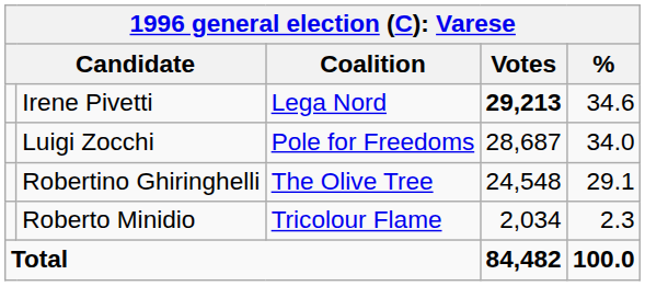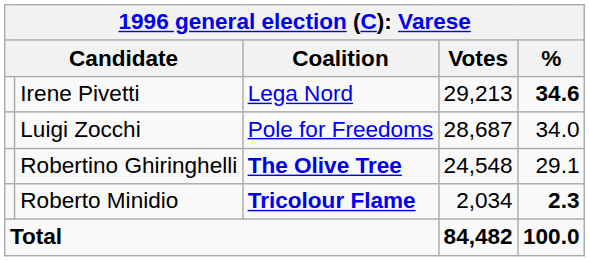 <table class=wikitable style=text-align:right>
 <tr>
 <th colspan=5><a href='#'>1996 general election</a> (<a href='#'>C</a>): <a href='#'>Varese</a></th>
 </tr>
 <tr>
 <th colspan=2>Candidate</th>
 <th>Coalition</th>
 <th>Votes</th>
 <th>%</th>
 </tr>
 <tr>
 <td></td>
 <td align=left>Irene Pivetti</td>
 <td align=left><a href='#'>Lega Nord</a></td>
-<td><strong>29,213</strong></td>
-<td>34.6</td>
+<td>29,213</td>
+<td><strong>34.6</strong></td>
 </tr>
 <tr>
 <td></td>
 <td align=left>Luigi Zocchi</td>
 <td align=left><a href='#'>Pole for Freedoms</a></td>
 <td>28,687</td>
 <td>34.0</td>
 </tr>
 <tr>
 <td></td>
 <td align=left>Robertino Ghiringhelli</td>
-<td align=left><a href='#'>The Olive Tree</a></td>
+<td align=left><strong><a href='#'>The Olive Tree</a></strong></td>
 <td>24,548</td>
 <td>29.1</td>
 </tr>
 <tr>
 <td></td>
 <td align=left>Roberto Minidio</td>
-<td align=left><a href='#'>Tricolour Flame</a></td>
+<td align=left><strong><a href='#'>Tricolour Flame</a></strong></td>
 <td>2,034</td>
-<td>2.3</td>
+<td><strong>2.3</strong></td>
 </tr>
 <tr>
 <td align=left colspan=3><strong>Total</strong></td>
 <td><strong>84,482</strong></td>
 <td><strong>100.0</strong></td>
 </tr>
 </table>
